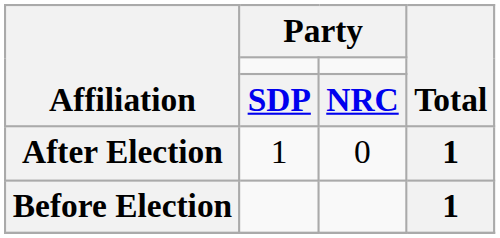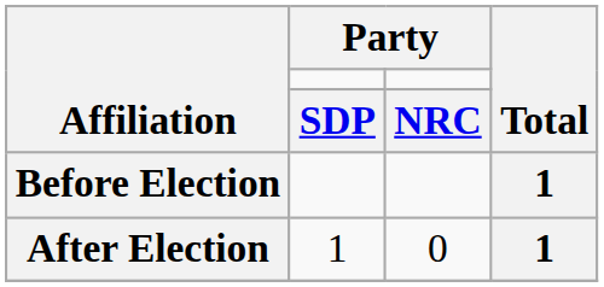 <table class=wikitable style="text-align:center">
 <tr style="vertical-align:bottom;">
 <th rowspan=3>Affiliation</th>
 <th colspan=2>Party</th>
 <th rowspan=3>Total</th>
 </tr>
 <tr>
 <td style="background-color:"></td>
 <td style="background-color:"></td>
 </tr>
 <tr>
 <th><a href='#'>SDP</a></th>
 <th><a href='#'>NRC</a></th>
 </tr>
 <tr>
+<th>Before Election</th>
+<td></td>
+<td></td>
+<th>1</th>
+</tr>
+<tr>
 <th>After Election</th>
 <td>1</td>
 <td>0</td>
 <th>1</th>
 </tr>
 <tr>
-<th>Before Election</th>
-<td></td>
-<td></td>
-<th>1</th>
-</tr>
-<tr>
 </tr>
 </table>
